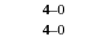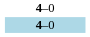 <table style="text-align:center">
 <tr>
 <th width=223></th>
 <th width=100></th>
 <th width=223></th>
 </tr>
 <tr>
 <td align=right><small><span></span></small> <strong></strong></td>
 <td><strong>4</strong>–0</td>
 <td align=left> <small><span></span></small></td>
 </tr>
 <tr>
 <td align=right><small><span></span></small> <strong></strong></td>
-<td><strong>4</strong>–0</td>
+<td style="background: lightblue;"><strong>4</strong>–0</td>
 <td align=left> <small><span></span></small></td>
 </tr>
 </table>
